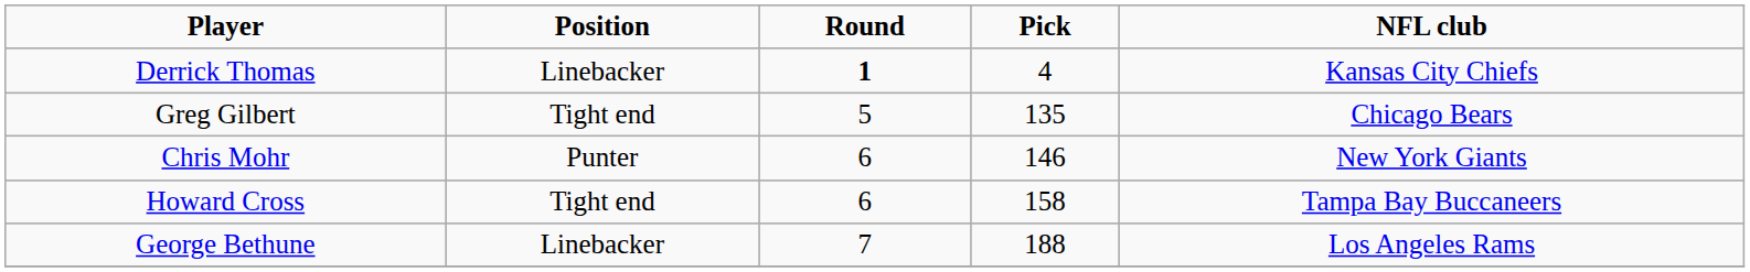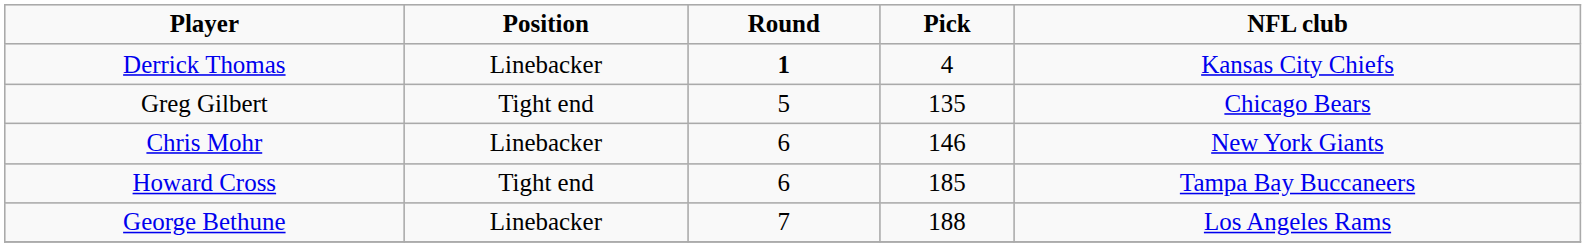 <table class="wikitable" width="80%">
 <tr align="center">
 <td><strong>Player</strong></td>
 <td><strong>Position</strong></td>
 <td><strong>Round</strong></td>
 <td><strong>Pick</strong></td>
 <td><strong>NFL club</strong></td>
 </tr>
 <tr align="center" bgcolor="">
 <td><a href='#'>Derrick Thomas</a></td>
 <td>Linebacker</td>
 <td><strong>1</strong></td>
 <td>4</td>
 <td><a href='#'>Kansas City Chiefs</a></td>
 </tr>
 <tr align="center" bgcolor="">
 <td>Greg Gilbert</td>
 <td>Tight end</td>
 <td>5</td>
 <td>135</td>
 <td><a href='#'>Chicago Bears</a></td>
 </tr>
 <tr align="center" bgcolor="">
 <td><a href='#'>Chris Mohr</a></td>
-<td>Punter</td>
+<td>Linebacker</td>
 <td>6</td>
 <td>146</td>
 <td><a href='#'>New York Giants</a></td>
 </tr>
 <tr align="center" bgcolor="">
 <td><a href='#'>Howard Cross</a></td>
 <td>Tight end</td>
 <td>6</td>
-<td>158</td>
+<td>185</td>
 <td><a href='#'>Tampa Bay Buccaneers</a></td>
 </tr>
 <tr align="center" bgcolor="">
 <td><a href='#'>George Bethune</a></td>
 <td>Linebacker</td>
 <td>7</td>
 <td>188</td>
 <td><a href='#'>Los Angeles Rams</a></td>
 </tr>
 <tr align="center" bgcolor="">
 </tr>
 </table>
